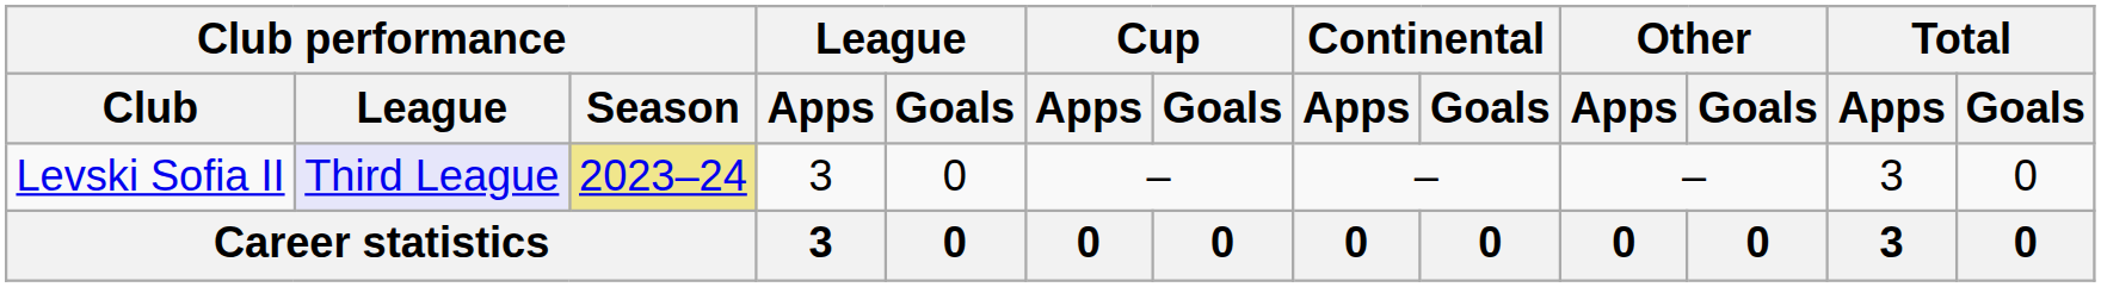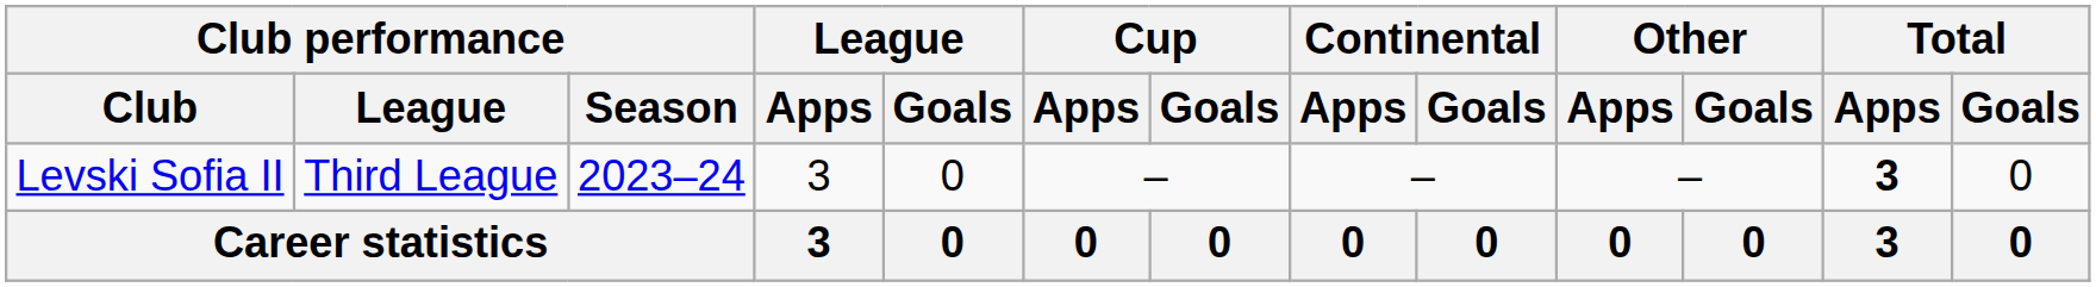 <table class="wikitable" style="text-align: center">
 <tr>
 <th colspan="3">Club performance</th>
 <th colspan="2">League</th>
 <th colspan="2">Cup</th>
 <th colspan="2">Continental</th>
 <th colspan="2">Other</th>
 <th colspan="3">Total</th>
 </tr>
 <tr>
 <th>Club</th>
 <th>League</th>
 <th>Season</th>
 <th>Apps</th>
 <th>Goals</th>
 <th>Apps</th>
 <th>Goals</th>
 <th>Apps</th>
 <th>Goals</th>
 <th>Apps</th>
 <th>Goals</th>
 <th>Apps</th>
 <th>Goals</th>
 </tr>
 <tr>
 <td rowspan="1" valign="center"><a href='#'>Levski Sofia II</a></td>
-<td rowspan="1" style="background: lavender;"><a href='#'>Third League</a></td>
-<td style="background: khaki;"><a href='#'>2023–24</a></td>
+<td rowspan="1"><a href='#'>Third League</a></td>
+<td><a href='#'>2023–24</a></td>
 <td>3</td>
 <td>0</td>
 <td colspan="2">–</td>
 <td colspan="2">–</td>
 <td colspan="2">–</td>
-<td>3</td>
+<td><strong>3</strong></td>
 <td>0</td>
 </tr>
 <tr>
 <th colspan="3">Career statistics</th>
 <th>3</th>
 <th>0</th>
 <th>0</th>
 <th>0</th>
 <th>0</th>
 <th>0</th>
 <th>0</th>
 <th>0</th>
 <th>3</th>
 <th>0</th>
 </tr>
 </table>
